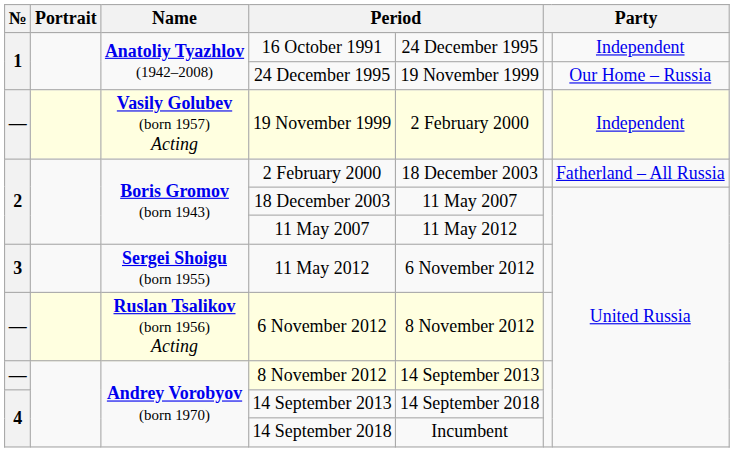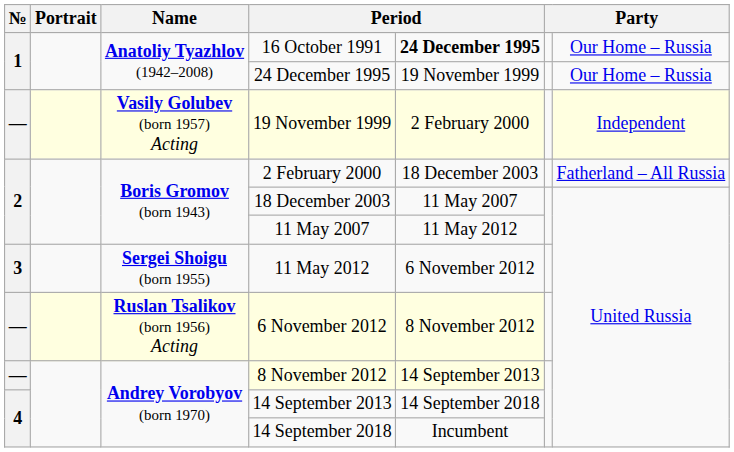 <table class="wikitable" style="text-align:center">
 <tr>
 <th>№</th>
 <th>Portrait</th>
 <th>Name</th>
 <th colspan="2">Period</th>
 <th colspan="2">Party</th>
 </tr>
 <tr>
 <th rowspan=2>1</th>
 <td rowspan=2></td>
 <td rowspan=2><strong><a href='#'>Anatoliy Tyazhlov</a></strong><br><small>(1942–2008)</small></td>
 <td>16 October 1991</td>
-<td>24 December 1995</td>
+<td><strong>24 December 1995</strong></td>
 <td style="background: "></td>
-<td><a href='#'>Independent</a></td>
+<td><a href='#'>Our Home – Russia</a></td>
 </tr>
 <tr>
 <td>24 December 1995</td>
 <td>19 November 1999</td>
 <td style="background: "></td>
 <td><a href='#'>Our Home – Russia</a></td>
 </tr>
 <tr>
 <th>—</th>
 <td style="background:lightyellow;"></td>
 <td style="background:lightyellow;"><strong><a href='#'>Vasily Golubev</a></strong><br><small>(born 1957)</small><br><em>Acting</em></td>
 <td style="background:lightyellow;">19 November 1999</td>
 <td style="background:lightyellow;">2 February 2000</td>
 <td style="background: "></td>
 <td style="background:lightyellow;"><a href='#'>Independent</a></td>
 </tr>
 <tr>
 <th rowspan=3>2</th>
 <td rowspan=3></td>
 <td rowspan=3><strong><a href='#'>Boris Gromov</a></strong><br><small>(born 1943)</small></td>
 <td>2 February 2000</td>
 <td>18 December 2003</td>
 <td style="background: "></td>
 <td><a href='#'>Fatherland – All Russia</a></td>
 </tr>
 <tr>
 <td>18 December 2003</td>
 <td>11 May 2007</td>
 <td rowspan=2; style="background: "></td>
 <td rowspan="7"><a href='#'>United Russia</a></td>
 </tr>
 <tr>
 <td>11 May 2007</td>
 <td>11 May 2012</td>
 </tr>
 <tr>
 <th>3</th>
 <td></td>
 <td><strong><a href='#'>Sergei Shoigu</a></strong><br><small>(born 1955)</small></td>
 <td>11 May 2012</td>
 <td>6 November 2012</td>
 <td style="background: "></td>
 </tr>
 <tr>
 <th>—</th>
 <td style="background:lightyellow;"></td>
 <td style="background:lightyellow;"><strong><a href='#'>Ruslan Tsalikov</a></strong><br><small>(born 1956)</small><br><em>Acting</em></td>
 <td style="background:lightyellow;">6 November 2012</td>
 <td style="background:lightyellow;">8 November 2012</td>
 <td style="background: "></td>
 </tr>
 <tr>
 <th>—</th>
 <td rowspan=3></td>
 <td rowspan=3><strong><a href='#'>Andrey Vorobyov</a></strong><br><small>(born 1970)</small></td>
 <td style="background:lightyellow;">8 November 2012</td>
 <td style="background:lightyellow;">14 September 2013</td>
 <td rowspan=3; style="background: "></td>
 </tr>
 <tr>
 <th rowspan="2">4</th>
 <td>14 September 2013</td>
 <td>14 September 2018</td>
 </tr>
 <tr>
 <td>14 September 2018</td>
 <td>Incumbent</td>
 </tr>
 </table>
